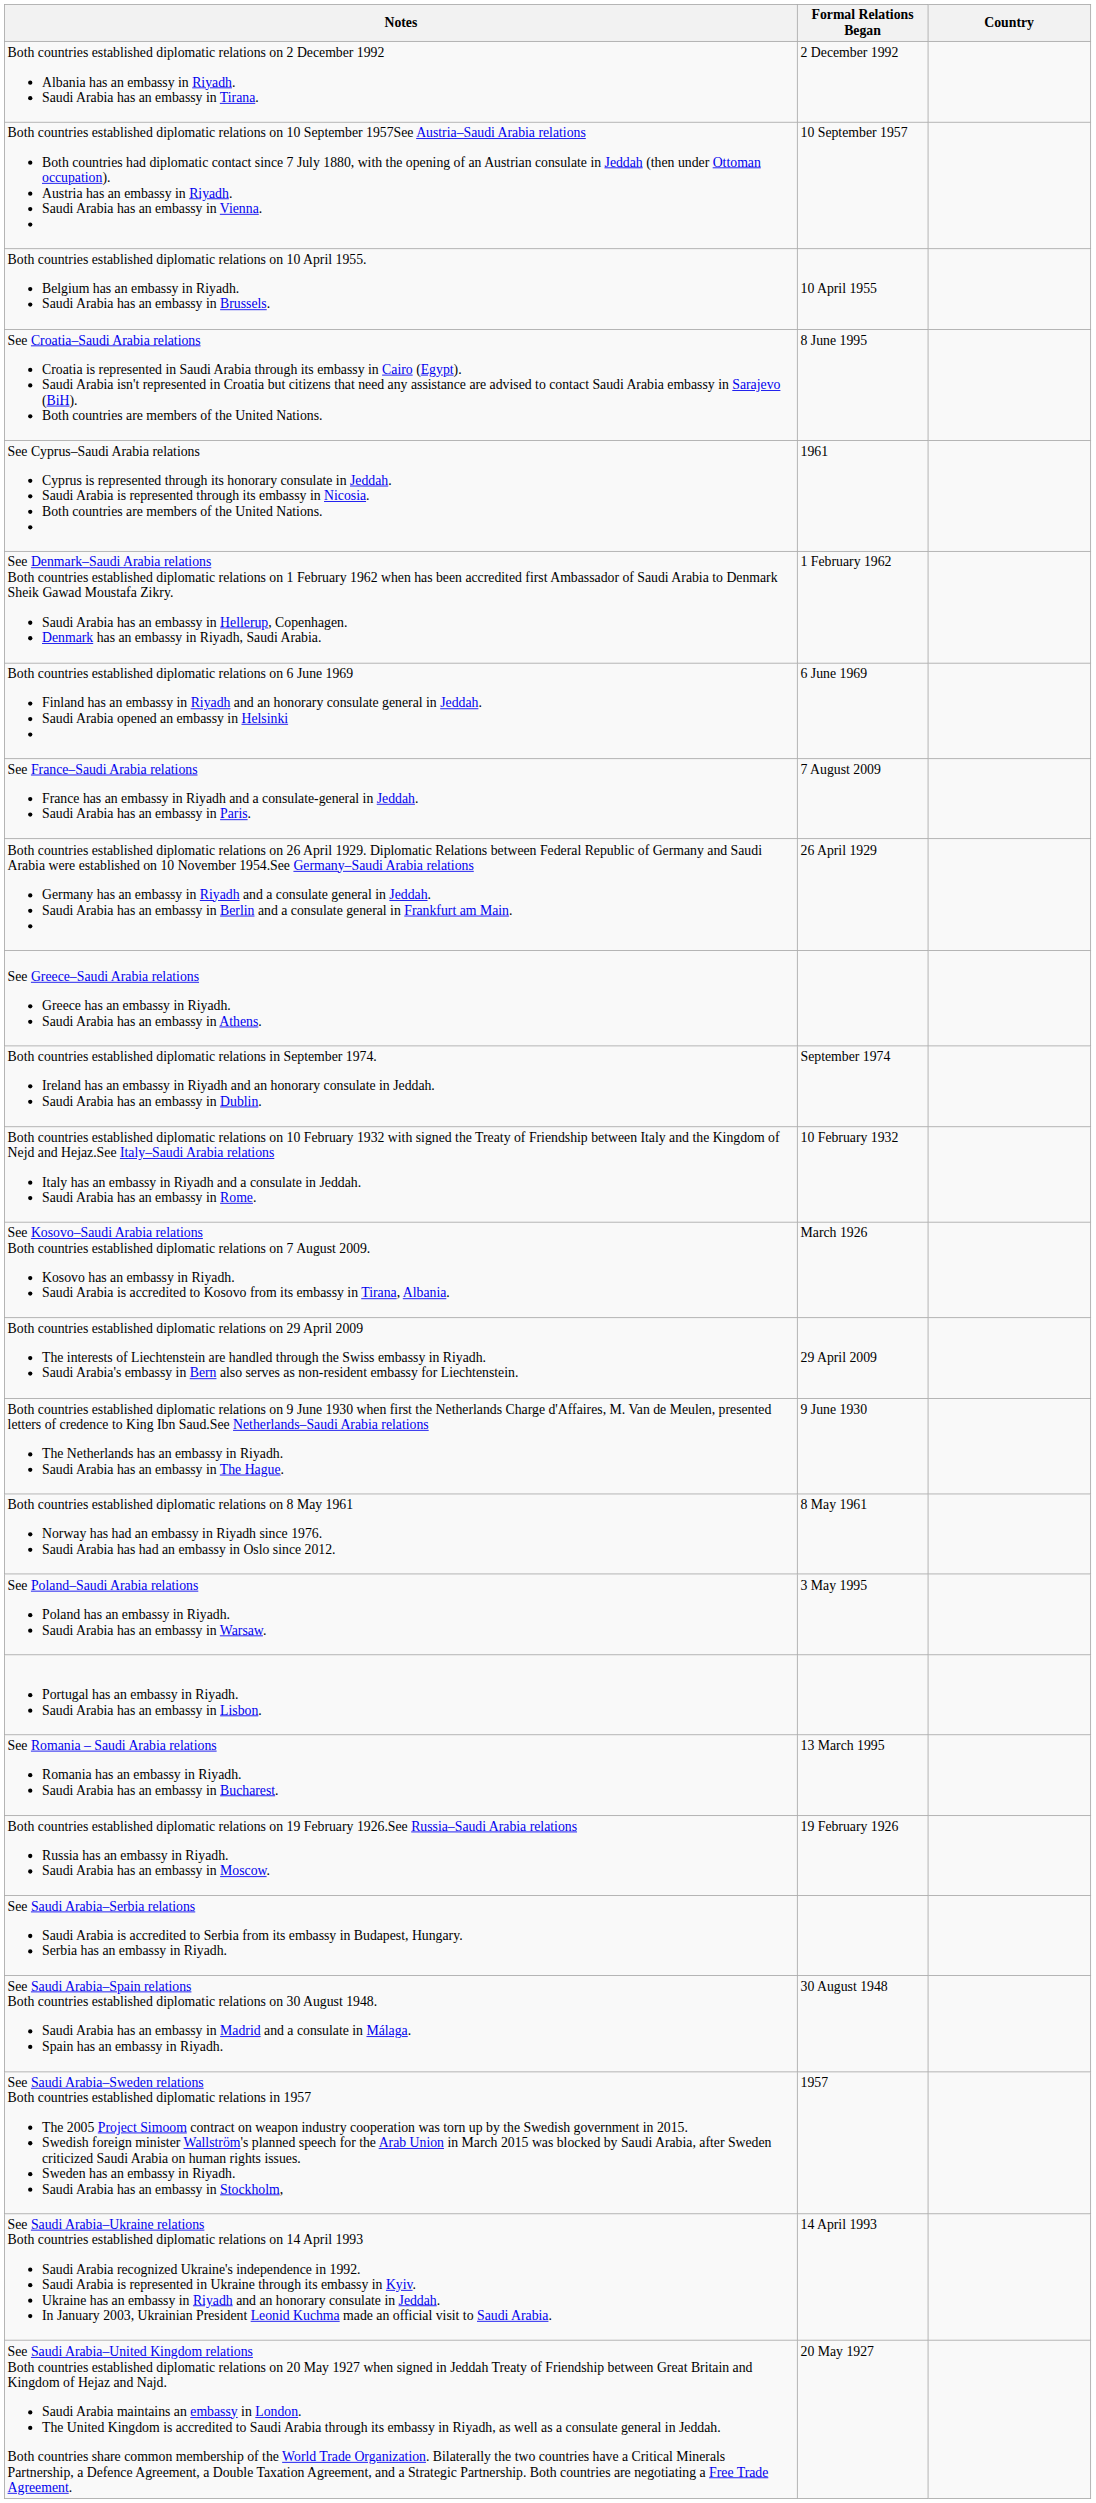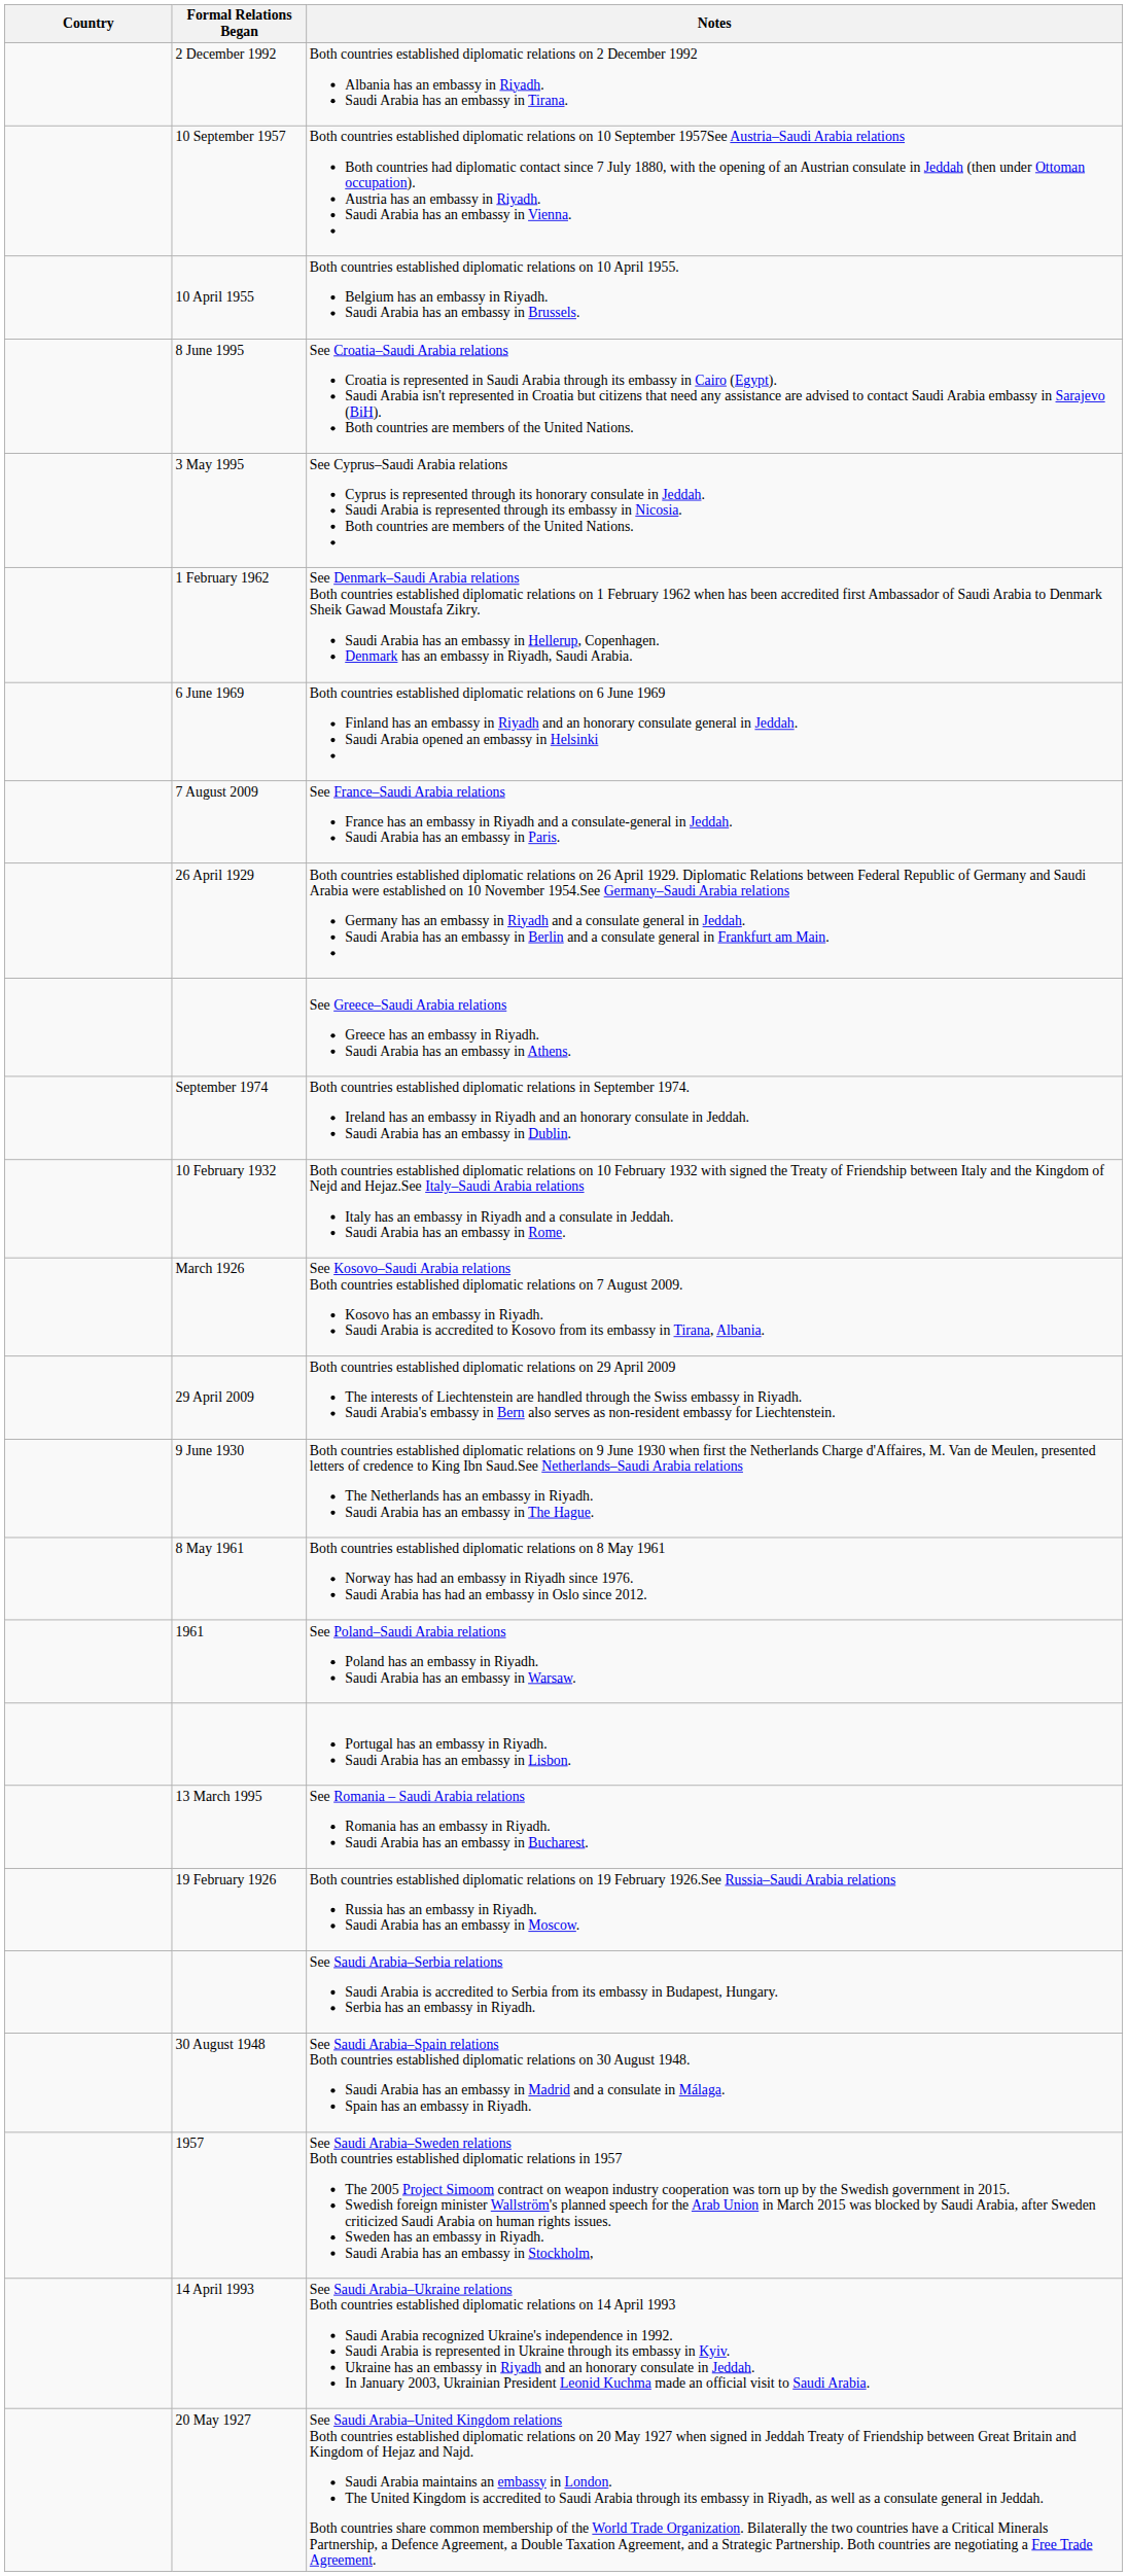 <table class="wikitable sortable" style="width:100%; margin:auto;">
 <tr>
+<th style="width:15%;">Country</th>
+<th style="width:12%;">Formal Relations Began</th>
 <th>Notes</th>
-<th style="width:12%;">Formal Relations Began</th>
-<th style="width:15%;">Country</th>
 </tr>
 <tr valign="top">
+<td></td>
+<td>2 December 1992</td>
 <td>Both countries established diplomatic relations on 2 December 1992<br><ul><li>Albania has an embassy in <a href='#'>Riyadh</a>.</li><li>Saudi Arabia has an embassy in <a href='#'>Tirana</a>.</li></ul></td>
-<td>2 December 1992</td>
-<td></td>
 </tr>
 <tr valign="top">
+<td></td>
+<td>10 September 1957</td>
 <td>Both countries established diplomatic relations on 10 September 1957See <a href='#'>Austria–Saudi Arabia relations</a><br><ul><li>Both countries had diplomatic contact since 7 July 1880, with the opening of an Austrian consulate in <a href='#'>Jeddah</a> (then under <a href='#'>Ottoman occupation</a>).</li><li>Austria has an embassy in <a href='#'>Riyadh</a>.</li><li>Saudi Arabia has an embassy in <a href='#'>Vienna</a>.</li><li> </li></ul></td>
-<td>10 September 1957</td>
-<td></td>
 </tr>
 <tr>
+<td></td>
+<td>10 April 1955</td>
 <td>Both countries established diplomatic relations on 10 April 1955.<br><ul><li>Belgium has an embassy in Riyadh.</li><li>Saudi Arabia has an embassy in <a href='#'>Brussels</a>.</li></ul></td>
-<td>10 April 1955</td>
-<td></td>
 </tr>
 <tr - valign="top">
+<td></td>
+<td>8 June 1995</td>
 <td>See <a href='#'>Croatia–Saudi Arabia relations</a><br><ul><li>Croatia is represented in Saudi Arabia through its embassy in <a href='#'>Cairo</a> (<a href='#'>Egypt</a>).</li><li>Saudi Arabia isn't represented in Croatia but citizens that need any assistance are advised to contact Saudi Arabia embassy in <a href='#'>Sarajevo</a> (<a href='#'>BiH</a>).</li><li>Both countries are members of the United Nations.</li></ul></td>
-<td>8 June 1995</td>
-<td></td>
 </tr>
 <tr - valign="top">
+<td></td>
+<td>3 May 1995</td>
 <td>See Cyprus–Saudi Arabia relations<br><ul><li>Cyprus is represented through its honorary consulate in <a href='#'>Jeddah</a>.</li><li>Saudi Arabia is represented through its embassy in <a href='#'>Nicosia</a>.</li><li>Both countries are members of the United Nations.</li><li></li></ul></td>
-<td>1961</td>
-<td></td>
 </tr>
 <tr valign="top">
+<td></td>
+<td>1 February 1962</td>
 <td>See <a href='#'>Denmark–Saudi Arabia relations</a><br>Both countries established diplomatic relations on 1 February 1962 when has been accredited first Ambassador of Saudi Arabia to Denmark Sheik Gawad Moustafa Zikry.<ul><li>Saudi Arabia has an embassy in <a href='#'>Hellerup</a>, Copenhagen.</li><li><a href='#'>Denmark</a> has an embassy in Riyadh, Saudi Arabia.</li></ul></td>
-<td>1 February 1962</td>
-<td></td>
 </tr>
 <tr - valign="top">
+<td></td>
+<td>6 June 1969</td>
 <td>Both countries established diplomatic relations on 6 June 1969<br><ul><li>Finland has an embassy in <a href='#'>Riyadh</a> and an honorary consulate general in <a href='#'>Jeddah</a>.</li><li>Saudi Arabia opened an embassy in <a href='#'>Helsinki</a></li><li></li></ul></td>
-<td>6 June 1969</td>
-<td></td>
 </tr>
 <tr valign="top">
+<td></td>
+<td>7 August 2009</td>
 <td>See <a href='#'>France–Saudi Arabia relations</a><br><ul><li>France has an embassy in Riyadh and a consulate-general in <a href='#'>Jeddah</a>.</li><li>Saudi Arabia has an embassy in <a href='#'>Paris</a>.</li></ul></td>
-<td>7 August 2009</td>
-<td></td>
 </tr>
 <tr valign="top">
+<td></td>
+<td>26 April 1929</td>
 <td>Both countries established diplomatic relations on 26 April 1929. Diplomatic Relations between Federal Republic of Germany and Saudi Arabia were established on 10 November 1954.See <a href='#'>Germany–Saudi Arabia relations</a><br><ul><li>Germany has an embassy in <a href='#'>Riyadh</a> and a consulate general in <a href='#'>Jeddah</a>.</li><li>Saudi Arabia has an embassy in <a href='#'>Berlin</a> and a consulate general in <a href='#'>Frankfurt am Main</a>.</li><li></li></ul></td>
-<td>26 April 1929</td>
-<td></td>
 </tr>
 <tr valign="top">
-<td><br>See <a href='#'>Greece–Saudi Arabia relations</a><ul><li>Greece has an embassy in Riyadh.</li><li>Saudi Arabia has an embassy in <a href='#'>Athens</a>.</li></ul></td>
 <td></td>
 <td></td>
+<td><br>See <a href='#'>Greece–Saudi Arabia relations</a><ul><li>Greece has an embassy in Riyadh.</li><li>Saudi Arabia has an embassy in <a href='#'>Athens</a>.</li></ul></td>
 </tr>
 <tr valign="top">
+<td></td>
+<td>September 1974</td>
 <td>Both countries established diplomatic relations in September 1974.<br><ul><li>Ireland has an embassy in Riyadh and an honorary consulate in Jeddah.</li><li>Saudi Arabia has an embassy in <a href='#'>Dublin</a>.</li></ul></td>
-<td>September 1974</td>
-<td></td>
 </tr>
 <tr valign="top">
+<td></td>
+<td>10 February 1932</td>
 <td>Both countries established diplomatic relations on 10 February 1932 with signed the Treaty of Friendship between Italy and the Kingdom of Nejd and Hejaz.See <a href='#'>Italy–Saudi Arabia relations</a><br><ul><li>Italy has an embassy in Riyadh and a consulate in Jeddah.</li><li>Saudi Arabia has an embassy in <a href='#'>Rome</a>.</li></ul></td>
-<td>10 February 1932</td>
-<td></td>
 </tr>
 <tr valign="top">
+<td></td>
+<td>March 1926</td>
 <td>See <a href='#'>Kosovo–Saudi Arabia relations</a><br>Both countries established diplomatic relations on 7 August 2009.<ul><li>Kosovo has an embassy in Riyadh.</li><li>Saudi Arabia is accredited to Kosovo from its embassy in <a href='#'>Tirana</a>, <a href='#'>Albania</a>.</li></ul></td>
-<td>March 1926</td>
-<td></td>
 </tr>
 <tr>
+<td></td>
+<td>29 April 2009</td>
 <td>Both countries established diplomatic relations on 29 April 2009<br><ul><li>The interests of Liechtenstein are handled through the Swiss embassy in Riyadh.</li><li>Saudi Arabia's embassy in <a href='#'>Bern</a> also serves as non-resident embassy for Liechtenstein.</li></ul></td>
-<td>29 April 2009</td>
-<td></td>
 </tr>
 <tr valign="top">
+<td></td>
+<td>9 June 1930</td>
 <td>Both countries established diplomatic relations on 9 June 1930 when first the Netherlands Charge d'Affaires, M. Van de Meulen, presented letters of credence to King Ibn Saud.See <a href='#'>Netherlands–Saudi Arabia relations</a><br><ul><li>The Netherlands has an embassy in Riyadh.</li><li>Saudi Arabia has an embassy in <a href='#'>The Hague</a>.</li></ul></td>
-<td>9 June 1930</td>
-<td></td>
 </tr>
 <tr valign="top">
+<td></td>
+<td>8 May 1961</td>
 <td>Both countries established diplomatic relations on 8 May 1961<br><ul><li>Norway has had an embassy in Riyadh since 1976.</li><li>Saudi Arabia has had an embassy in Oslo since 2012.</li></ul></td>
-<td>8 May 1961</td>
-<td></td>
 </tr>
 <tr valign="top">
+<td></td>
+<td>1961</td>
 <td>See <a href='#'>Poland–Saudi Arabia relations</a><br><ul><li>Poland has an embassy in Riyadh.</li><li>Saudi Arabia has an embassy in <a href='#'>Warsaw</a>.</li></ul></td>
-<td>3 May 1995</td>
-<td></td>
 </tr>
 <tr>
-<td><br><ul><li>Portugal has an embassy in Riyadh.</li><li>Saudi Arabia has an embassy in <a href='#'>Lisbon</a>.</li></ul></td>
 <td></td>
 <td></td>
+<td><br><ul><li>Portugal has an embassy in Riyadh.</li><li>Saudi Arabia has an embassy in <a href='#'>Lisbon</a>.</li></ul></td>
 </tr>
 <tr valign="top">
+<td></td>
+<td>13 March 1995</td>
 <td>See <a href='#'>Romania – Saudi Arabia relations</a><br><ul><li>Romania has an embassy in Riyadh.</li><li>Saudi Arabia has an embassy in <a href='#'>Bucharest</a>.</li></ul></td>
-<td>13 March 1995</td>
-<td></td>
 </tr>
 <tr valign="top">
+<td></td>
+<td>19 February 1926</td>
 <td>Both countries established diplomatic relations on 19 February 1926.See <a href='#'>Russia–Saudi Arabia relations</a><br><ul><li>Russia has an embassy in Riyadh.</li><li>Saudi Arabia has an embassy in <a href='#'>Moscow</a>.</li></ul></td>
-<td>19 February 1926</td>
-<td></td>
 </tr>
 <tr valign="top">
-<td>See <a href='#'>Saudi Arabia–Serbia relations</a><br><ul><li>Saudi Arabia is accredited to Serbia from its embassy in Budapest, Hungary.</li><li>Serbia has an embassy in Riyadh.</li></ul></td>
 <td></td>
 <td></td>
+<td>See <a href='#'>Saudi Arabia–Serbia relations</a><br><ul><li>Saudi Arabia is accredited to Serbia from its embassy in Budapest, Hungary.</li><li>Serbia has an embassy in Riyadh.</li></ul></td>
 </tr>
 <tr valign="top">
+<td></td>
+<td>30 August 1948</td>
 <td>See <a href='#'>Saudi Arabia–Spain relations</a><br>Both countries established diplomatic relations on 30 August 1948.<ul><li>Saudi Arabia has an embassy in <a href='#'>Madrid</a> and a consulate in <a href='#'>Málaga</a>.</li><li>Spain has an embassy in Riyadh.</li></ul></td>
-<td>30 August 1948</td>
-<td></td>
 </tr>
 <tr valign="top">
+<td></td>
+<td>1957</td>
 <td>See <a href='#'>Saudi Arabia–Sweden relations</a><br>Both countries established diplomatic relations in 1957<ul><li>The 2005 <a href='#'>Project Simoom</a> contract on weapon industry cooperation was torn up by the Swedish government in 2015.</li><li>Swedish foreign minister <a href='#'>Wallström</a>'s planned speech for the <a href='#'>Arab Union</a> in March 2015 was blocked by Saudi Arabia, after Sweden criticized Saudi Arabia on human rights issues.</li><li>Sweden has an embassy in Riyadh.</li><li>Saudi Arabia has an embassy in <a href='#'>Stockholm</a>,</li></ul></td>
-<td>1957</td>
-<td></td>
 </tr>
 <tr valign="top">
+<td></td>
+<td>14 April 1993</td>
 <td>See <a href='#'>Saudi Arabia–Ukraine relations</a><br>Both countries established diplomatic relations on 14 April 1993<ul><li>Saudi Arabia recognized Ukraine's independence in 1992.</li><li>Saudi Arabia is represented in Ukraine through its embassy in <a href='#'>Kyiv</a>.</li><li>Ukraine has an embassy in <a href='#'>Riyadh</a> and an honorary consulate in <a href='#'>Jeddah</a>.</li><li>In January 2003, Ukrainian President <a href='#'>Leonid Kuchma</a> made an official visit to <a href='#'>Saudi Arabia</a>.</li></ul></td>
-<td>14 April 1993</td>
-<td></td>
 </tr>
 <tr valign="top">
+<td></td>
+<td>20 May 1927</td>
 <td>See <a href='#'>Saudi Arabia–United Kingdom relations</a><br> Both countries established diplomatic relations on 20 May 1927 when signed in Jeddah Treaty of Friendship between Great Britain and Kingdom of Hejaz and Najd.<ul><li>Saudi Arabia maintains an <a href='#'>embassy</a> in <a href='#'>London</a>.</li><li>The United Kingdom is accredited to Saudi Arabia through its embassy in Riyadh, as well as a consulate general in Jeddah.</li></ul>Both countries share common membership of the <a href='#'>World Trade Organization</a>. Bilaterally the two countries have a Critical Minerals Partnership, a Defence Agreement, a Double Taxation Agreement, and a Strategic Partnership. Both countries are negotiating a <a href='#'>Free Trade Agreement</a>.</td>
-<td>20 May 1927</td>
-<td></td>
 </tr>
 </table>
